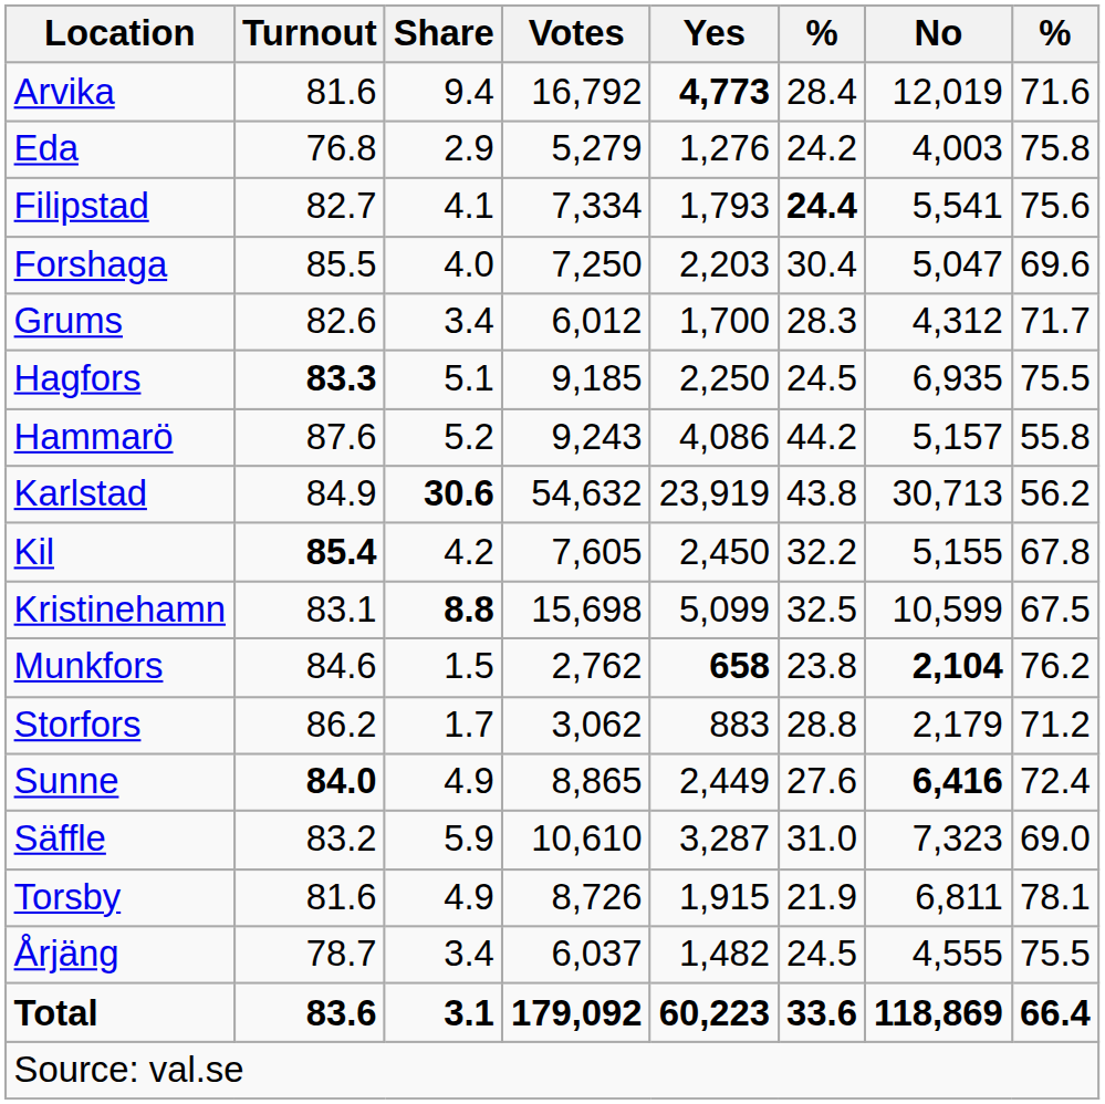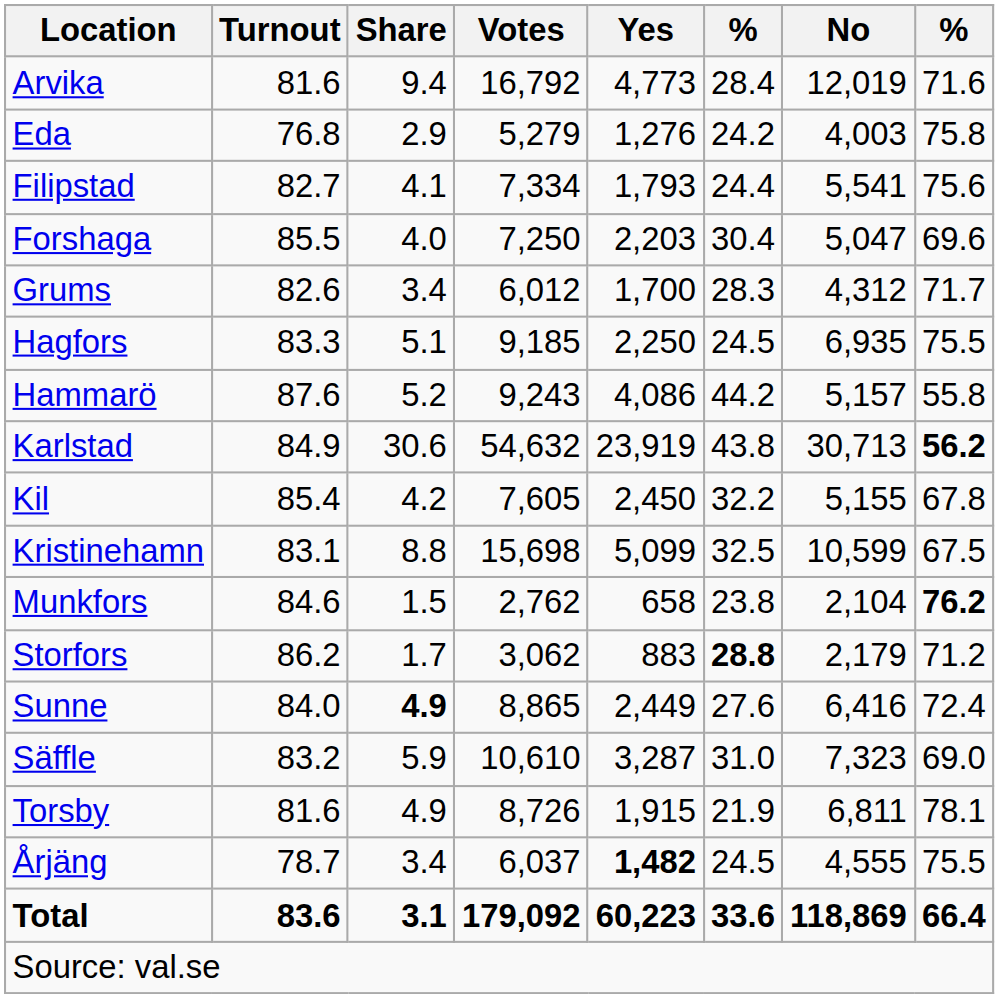 <table class="wikitable sortable" style=text-align:right>
 <tr>
 <th>Location</th>
 <th>Turnout</th>
 <th>Share</th>
 <th>Votes</th>
 <th>Yes</th>
 <th>%</th>
 <th>No</th>
 <th>%</th>
 </tr>
 <tr>
 <td align=left><a href='#'>Arvika</a></td>
 <td>81.6</td>
 <td>9.4</td>
 <td>16,792</td>
-<td><strong>4,773</strong></td>
+<td>4,773</td>
 <td>28.4</td>
 <td>12,019</td>
 <td>71.6</td>
 </tr>
 <tr>
 <td align=left><a href='#'>Eda</a></td>
 <td>76.8</td>
 <td>2.9</td>
 <td>5,279</td>
 <td>1,276</td>
 <td>24.2</td>
 <td>4,003</td>
 <td>75.8</td>
 </tr>
 <tr>
 <td align=left><a href='#'>Filipstad</a></td>
 <td>82.7</td>
 <td>4.1</td>
 <td>7,334</td>
 <td>1,793</td>
-<td><strong>24.4</strong></td>
+<td>24.4</td>
 <td>5,541</td>
 <td>75.6</td>
 </tr>
 <tr>
 <td align=left><a href='#'>Forshaga</a></td>
 <td>85.5</td>
 <td>4.0</td>
 <td>7,250</td>
 <td>2,203</td>
 <td>30.4</td>
 <td>5,047</td>
 <td>69.6</td>
 </tr>
 <tr>
 <td align=left><a href='#'>Grums</a></td>
 <td>82.6</td>
 <td>3.4</td>
 <td>6,012</td>
 <td>1,700</td>
 <td>28.3</td>
 <td>4,312</td>
 <td>71.7</td>
 </tr>
 <tr>
 <td align=left><a href='#'>Hagfors</a></td>
-<td><strong>83.3</strong></td>
+<td>83.3</td>
 <td>5.1</td>
 <td>9,185</td>
 <td>2,250</td>
 <td>24.5</td>
 <td>6,935</td>
 <td>75.5</td>
 </tr>
 <tr>
 <td align=left><a href='#'>Hammarö</a></td>
 <td>87.6</td>
 <td>5.2</td>
 <td>9,243</td>
 <td>4,086</td>
 <td>44.2</td>
 <td>5,157</td>
 <td>55.8</td>
 </tr>
 <tr>
 <td align=left><a href='#'>Karlstad</a></td>
 <td>84.9</td>
-<td><strong>30.6</strong></td>
+<td>30.6</td>
 <td>54,632</td>
 <td>23,919</td>
 <td>43.8</td>
 <td>30,713</td>
-<td>56.2</td>
+<td><strong>56.2</strong></td>
 </tr>
 <tr>
 <td align=left><a href='#'>Kil</a></td>
-<td><strong>85.4</strong></td>
+<td>85.4</td>
 <td>4.2</td>
 <td>7,605</td>
 <td>2,450</td>
 <td>32.2</td>
 <td>5,155</td>
 <td>67.8</td>
 </tr>
 <tr>
 <td align=left><a href='#'>Kristinehamn</a></td>
 <td>83.1</td>
-<td><strong>8.8</strong></td>
+<td>8.8</td>
 <td>15,698</td>
 <td>5,099</td>
 <td>32.5</td>
 <td>10,599</td>
 <td>67.5</td>
 </tr>
 <tr>
 <td align=left><a href='#'>Munkfors</a></td>
 <td>84.6</td>
 <td>1.5</td>
 <td>2,762</td>
-<td><strong>658</strong></td>
+<td>658</td>
 <td>23.8</td>
-<td><strong>2,104</strong></td>
-<td>76.2</td>
+<td>2,104</td>
+<td><strong>76.2</strong></td>
 </tr>
 <tr>
 <td align=left><a href='#'>Storfors</a></td>
 <td>86.2</td>
 <td>1.7</td>
 <td>3,062</td>
 <td>883</td>
-<td>28.8</td>
+<td><strong>28.8</strong></td>
 <td>2,179</td>
 <td>71.2</td>
 </tr>
 <tr>
 <td align=left><a href='#'>Sunne</a></td>
-<td><strong>84.0</strong></td>
-<td>4.9</td>
+<td>84.0</td>
+<td><strong>4.9</strong></td>
 <td>8,865</td>
 <td>2,449</td>
 <td>27.6</td>
-<td><strong>6,416</strong></td>
+<td>6,416</td>
 <td>72.4</td>
 </tr>
 <tr>
 <td align=left><a href='#'>Säffle</a></td>
 <td>83.2</td>
 <td>5.9</td>
 <td>10,610</td>
 <td>3,287</td>
 <td>31.0</td>
 <td>7,323</td>
 <td>69.0</td>
 </tr>
 <tr>
 <td align=left><a href='#'>Torsby</a></td>
 <td>81.6</td>
 <td>4.9</td>
 <td>8,726</td>
 <td>1,915</td>
 <td>21.9</td>
 <td>6,811</td>
 <td>78.1</td>
 </tr>
 <tr>
 <td align=left><a href='#'>Årjäng</a></td>
 <td>78.7</td>
 <td>3.4</td>
 <td>6,037</td>
-<td>1,482</td>
+<td><strong>1,482</strong></td>
 <td>24.5</td>
 <td>4,555</td>
 <td>75.5</td>
 </tr>
 <tr>
 <td align=left><strong>Total</strong></td>
 <td><strong>83.6</strong></td>
 <td><strong>3.1</strong></td>
 <td><strong>179,092</strong></td>
 <td><strong>60,223</strong></td>
 <td><strong>33.6</strong></td>
 <td><strong>118,869</strong></td>
 <td><strong>66.4</strong></td>
 </tr>
 <tr>
 <td align=left colspan=8>Source: val.se </td>
 </tr>
 </table>
